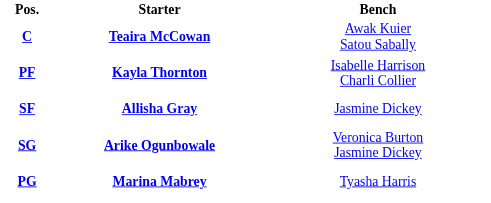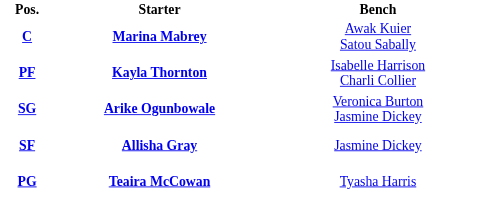 <table style="text-align:center; ">
 <tr>
 <th width="50">Pos.</th>
 <th width="250">Starter</th>
 <th width="250">Bench</th>
 </tr>
 <tr style="height:40px; background:white; color:#092C57">
 <th><a href='#'><span>C</span></a></th>
-<td><strong><a href='#'>Teaira McCowan</a></strong></td>
+<td><strong><a href='#'>Marina Mabrey</a></strong></td>
 <td><a href='#'>Awak Kuier</a><br><a href='#'>Satou Sabally</a></td>
 </tr>
 <tr style="height:40px; background:white; color:#092C57">
 <th><a href='#'><span>PF</span></a></th>
 <td><strong><a href='#'>Kayla Thornton</a></strong></td>
 <td><a href='#'>Isabelle Harrison</a><br><a href='#'>Charli Collier</a></td>
 </tr>
 <tr style="height:40px; background:white; color:#092C57">
+<th><a href='#'><span>SG</span></a></th>
+<td><strong><a href='#'>Arike Ogunbowale</a></strong></td>
+<td><a href='#'>Veronica Burton</a><br><a href='#'>Jasmine Dickey</a></td>
+</tr>
+<tr style="height:40px; background:white; color:#092C57">
 <th><a href='#'><span>SF</span></a></th>
 <td><strong><a href='#'>Allisha Gray</a></strong></td>
 <td><a href='#'>Jasmine Dickey</a></td>
 </tr>
 <tr style="height:40px; background:white; color:#092C57">
-<th><a href='#'><span>SG</span></a></th>
-<td><strong><a href='#'>Arike Ogunbowale</a></strong></td>
-<td><a href='#'>Veronica Burton</a><br><a href='#'>Jasmine Dickey</a></td>
-</tr>
-<tr style="height:40px; background:white; color:#092C57">
 <th><a href='#'><span>PG</span></a></th>
-<td><strong><a href='#'>Marina Mabrey</a></strong></td>
+<td><strong><a href='#'>Teaira McCowan</a></strong></td>
 <td><a href='#'>Tyasha Harris</a></td>
 </tr>
 </table>
